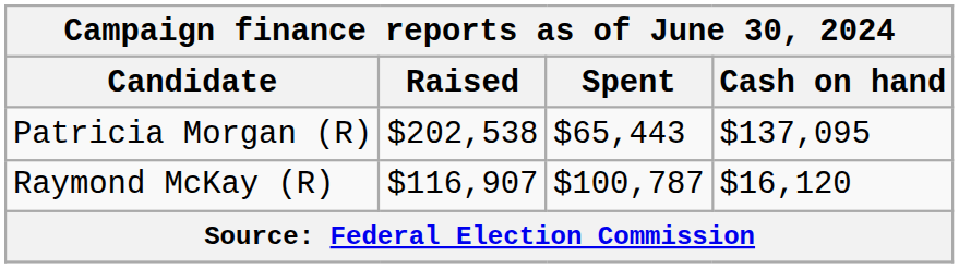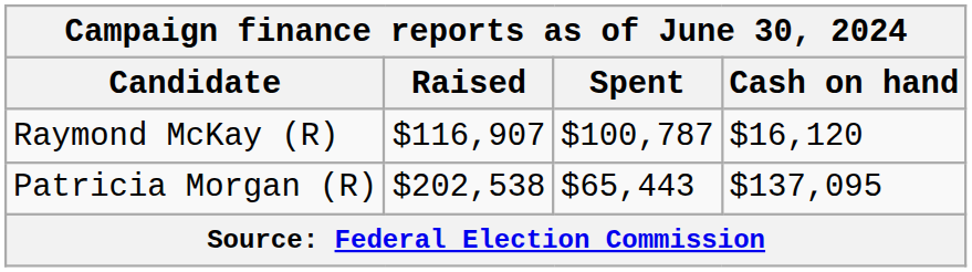 <table class="wikitable sortable">
 <tr>
 <th colspan=4>Campaign finance reports as of June 30, 2024</th>
 </tr>
 <tr style="text-align:center;">
 <th>Candidate</th>
 <th>Raised</th>
 <th>Spent</th>
 <th>Cash on hand</th>
 </tr>
 <tr>
+<td>Raymond McKay (R)</td>
+<td>$116,907</td>
+<td>$100,787</td>
+<td>$16,120</td>
+</tr>
+<tr>
 <td>Patricia Morgan (R)</td>
 <td>$202,538</td>
 <td>$65,443</td>
 <td>$137,095</td>
 </tr>
 <tr>
-<td>Raymond McKay (R)</td>
-<td>$116,907</td>
-<td>$100,787</td>
-<td>$16,120</td>
-</tr>
-<tr>
 <th colspan="4"><small>Source: <a href='#'>Federal Election Commission</a></small></th>
 </tr>
 </table>
